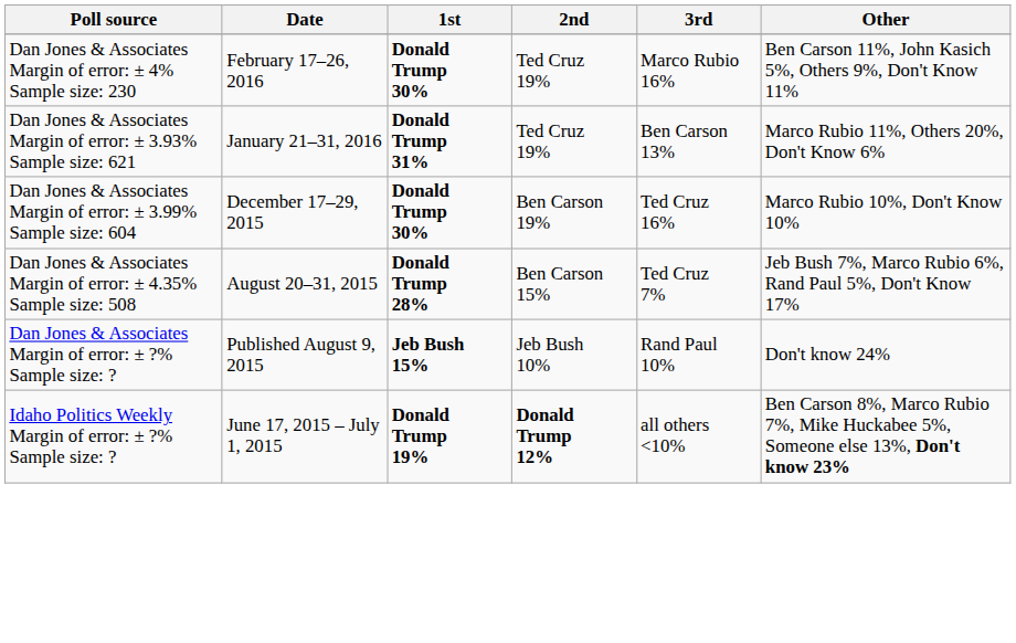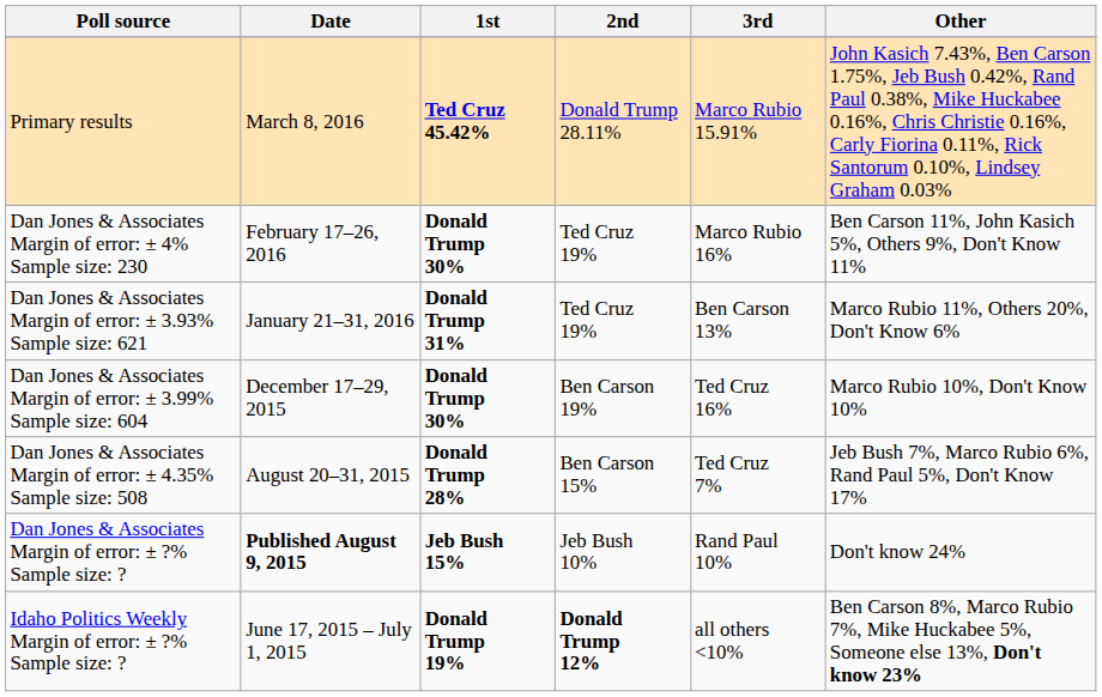 <table class="wikitable">
 <tr>
 <th style="width:180px;">Poll source</th>
 <th style="width:135px;">Date</th>
 <th style="width:100px;">1st</th>
 <th style="width:100px;">2nd</th>
 <th style="width:100px;">3rd</th>
 <th>Other</th>
 </tr>
 <tr>
+</tr>
+<tr style="background:Moccasin;">
+<td>Primary results</td>
+<td>March 8, 2016</td>
+<td><strong><a href='#'>Ted Cruz</a><br>45.42%</strong></td>
+<td><a href='#'>Donald Trump</a><br>28.11%</td>
+<td><a href='#'>Marco Rubio</a><br>15.91%</td>
+<td><a href='#'>John Kasich</a> 7.43%, <a href='#'>Ben Carson</a> 1.75%, <a href='#'>Jeb Bush</a> 0.42%, <a href='#'>Rand Paul</a> 0.38%, <a href='#'>Mike Huckabee</a> 0.16%, <a href='#'>Chris Christie</a> 0.16%, <a href='#'>Carly Fiorina</a> 0.11%, <a href='#'>Rick Santorum</a> 0.10%, <a href='#'>Lindsey Graham</a> 0.03%</td>
 </tr>
 <tr>
 <td>Dan Jones & Associates<br>Margin of error: ± 4% <br>Sample size: 230</td>
 <td>February 17–26, 2016</td>
 <td><strong>Donald Trump<br>30%</strong></td>
 <td>Ted Cruz <br>19%</td>
 <td>Marco Rubio<br>16%</td>
 <td>Ben Carson 11%, John Kasich 5%, Others 9%, Don't Know 11%</td>
 </tr>
 <tr>
 <td>Dan Jones & Associates<br>Margin of error: ± 3.93% <br>Sample size: 621</td>
 <td>January 21–31, 2016</td>
 <td><strong>Donald Trump<br>31%</strong></td>
 <td>Ted Cruz <br>19%</td>
 <td>Ben Carson<br>13%</td>
 <td>Marco Rubio 11%, Others 20%, Don't Know 6%</td>
 </tr>
 <tr>
 <td>Dan Jones & Associates<br>Margin of error: ± 3.99% <br>Sample size: 604</td>
 <td>December 17–29, 2015</td>
 <td><strong>Donald Trump<br>30%</strong></td>
 <td>Ben Carson<br>19%</td>
 <td>Ted Cruz <br>16%</td>
 <td>Marco Rubio 10%, Don't Know 10%</td>
 </tr>
 <tr>
 <td>Dan Jones & Associates<br>Margin of error: ± 4.35% <br>Sample size: 508</td>
 <td>August 20–31, 2015</td>
 <td><strong>Donald Trump<br>28%</strong></td>
 <td>Ben Carson<br>15%</td>
 <td>Ted Cruz <br> 7%</td>
 <td>Jeb Bush 7%, Marco Rubio 6%, Rand Paul 5%, Don't Know 17%</td>
 </tr>
 <tr>
 <td [><a href='#'>Dan Jones & Associates</a><br>Margin of error: ± ?% <br>Sample size: ?</td>
-<td>Published August 9, 2015</td>
+<td><strong>Published August 9, 2015</strong></td>
 <td><strong>Jeb Bush<br>15%</strong></td>
 <td>Jeb Bush<br>10%</td>
 <td>Rand Paul<br> 10%</td>
 <td>Don't know 24%</td>
 </tr>
 <tr>
 <td><a href='#'>Idaho Politics Weekly</a><br>Margin of error: ± ?% <br>Sample size: ?</td>
 <td>June 17, 2015 – July 1, 2015</td>
 <td><strong>Donald Trump<br>19%</strong></td>
 <td><strong>Donald Trump<br>12%</strong></td>
 <td>all others <10%</td>
 <td>Ben Carson 8%, Marco Rubio 7%, Mike Huckabee 5%, Someone else 13%, <span><strong>Don't know 23%</strong></span></td>
 </tr>
 </table>
